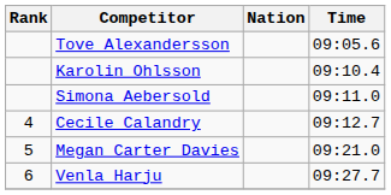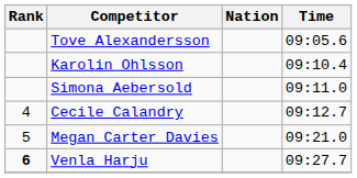 <table class="wikitable sortable" style="text-align:left">
 <tr>
 <th data-sort-type="number">Rank</th>
 <th class="unsortable">Competitor</th>
 <th>Nation</th>
 <th>Time</th>
 </tr>
 <tr>
 <td style="text-align:center"></td>
 <td><a href='#'>Tove Alexandersson</a></td>
 <td></td>
 <td style="text-align:right">09:05.6</td>
 </tr>
 <tr>
 <td style="text-align:center"></td>
 <td><a href='#'>Karolin Ohlsson</a></td>
 <td></td>
 <td style="text-align:right">09:10.4</td>
 </tr>
 <tr>
 <td style="text-align:center"></td>
 <td><a href='#'>Simona Aebersold</a></td>
 <td></td>
 <td style="text-align:right">09:11.0</td>
 </tr>
 <tr>
 <td style="text-align:center">4</td>
 <td><a href='#'>Cecile Calandry</a></td>
 <td></td>
 <td style="text-align:right">09:12.7</td>
 </tr>
 <tr>
 <td style="text-align:center">5</td>
 <td><a href='#'>Megan Carter Davies</a></td>
 <td></td>
 <td style="text-align:right">09:21.0</td>
 </tr>
 <tr>
-<td style="text-align:center">6</td>
+<td style="text-align:center"><strong>6</strong></td>
 <td><a href='#'>Venla Harju</a></td>
 <td></td>
 <td style="text-align:right">09:27.7</td>
 </tr>
 <tr>
 </tr>
 </table>
